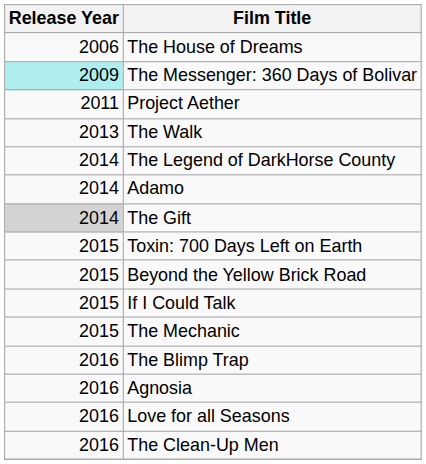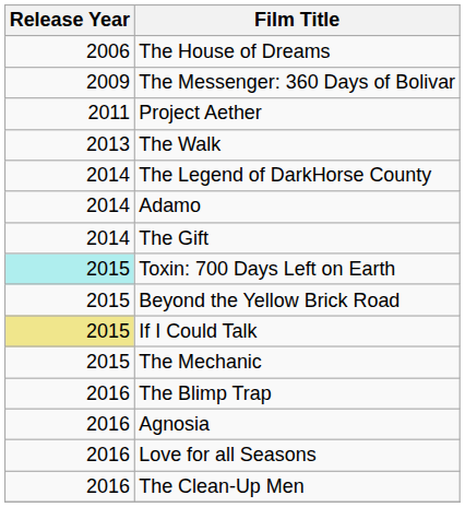 <table class="wikitable sortable">
 <tr>
 <th>Release Year</th>
 <th>Film Title</th>
 </tr>
 <tr>
 <td style="text-align:right;">2006</td>
 <td>The House of Dreams</td>
 </tr>
 <tr>
-<td style="background: paleturquoise; text-align:right;">2009</td>
+<td style="text-align:right;">2009</td>
 <td>The Messenger: 360 Days of Bolivar</td>
 </tr>
 <tr>
 <td style="text-align:right;">2011</td>
 <td>Project Aether</td>
 </tr>
 <tr>
 <td style="text-align:right;">2013</td>
 <td>The Walk</td>
 </tr>
 <tr>
 <td style="text-align:right;">2014</td>
 <td>The Legend of DarkHorse County</td>
 </tr>
 <tr>
 <td style="text-align:right;">2014</td>
 <td>Adamo</td>
 </tr>
 <tr>
-<td style="background: lightgrey; text-align:right;">2014</td>
+<td style="text-align:right;">2014</td>
 <td>The Gift</td>
 </tr>
 <tr>
-<td style="text-align:right;">2015</td>
+<td style="background: paleturquoise; text-align:right;">2015</td>
 <td>Toxin: 700 Days Left on Earth</td>
 </tr>
 <tr>
 <td style="text-align:right;">2015</td>
 <td>Beyond the Yellow Brick Road</td>
 </tr>
 <tr>
-<td style="text-align:right;">2015</td>
+<td style="background: khaki; text-align:right;">2015</td>
 <td>If I Could Talk</td>
 </tr>
 <tr>
 <td style="text-align:right;">2015</td>
 <td>The Mechanic</td>
 </tr>
 <tr>
 <td style="text-align:right;">2016</td>
 <td>The Blimp Trap</td>
 </tr>
 <tr>
 <td style="text-align:right;">2016</td>
 <td>Agnosia</td>
 </tr>
 <tr>
 <td style="text-align:right;">2016</td>
 <td>Love for all Seasons</td>
 </tr>
 <tr>
 <td style="text-align:right;">2016</td>
 <td>The Clean-Up Men</td>
 </tr>
 <tr>
 </tr>
 </table>
